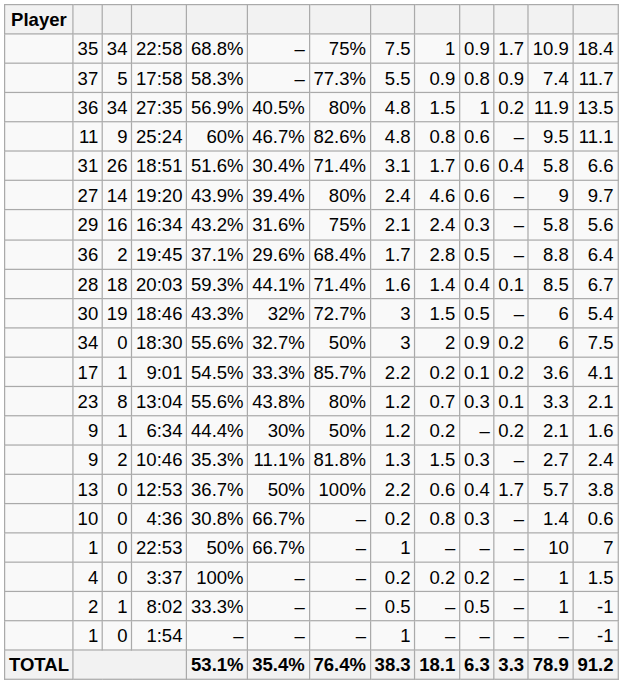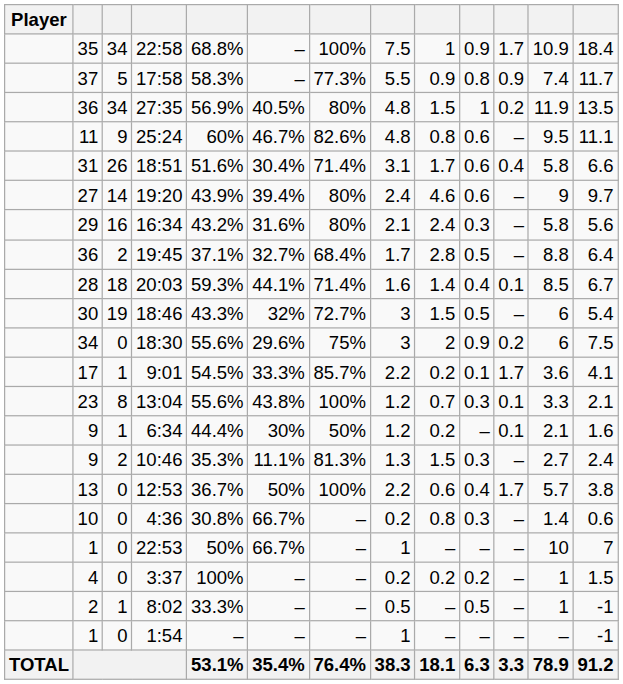 <table class="wikitable sortable" style="font-size:95%; text-align:right;">
 <tr>
 <th>Player</th>
 <th></th>
 <th></th>
 <th></th>
 <th></th>
 <th></th>
 <th></th>
 <th></th>
 <th></th>
 <th></th>
 <th></th>
 <th></th>
 <th></th>
 </tr>
 <tr>
 <td></td>
 <td>35</td>
 <td>34</td>
 <td>22:58</td>
 <td>68.8%</td>
 <td>–</td>
-<td>75%</td>
+<td>100%</td>
 <td>7.5</td>
 <td>1</td>
 <td>0.9</td>
 <td>1.7</td>
 <td>10.9</td>
 <td>18.4</td>
 </tr>
 <tr>
 <td></td>
 <td>37</td>
 <td>5</td>
 <td>17:58</td>
 <td>58.3%</td>
 <td>–</td>
 <td>77.3%</td>
 <td>5.5</td>
 <td>0.9</td>
 <td>0.8</td>
 <td>0.9</td>
 <td>7.4</td>
 <td>11.7</td>
 </tr>
 <tr>
 <td></td>
 <td>36</td>
 <td>34</td>
 <td>27:35</td>
 <td>56.9%</td>
 <td>40.5%</td>
 <td>80%</td>
 <td>4.8</td>
 <td>1.5</td>
 <td>1</td>
 <td>0.2</td>
 <td>11.9</td>
 <td>13.5</td>
 </tr>
 <tr>
 <td></td>
 <td>11</td>
 <td>9</td>
 <td>25:24</td>
 <td>60%</td>
 <td>46.7%</td>
 <td>82.6%</td>
 <td>4.8</td>
 <td>0.8</td>
 <td>0.6</td>
 <td>–</td>
 <td>9.5</td>
 <td>11.1</td>
 </tr>
 <tr>
 <td></td>
 <td>31</td>
 <td>26</td>
 <td>18:51</td>
 <td>51.6%</td>
 <td>30.4%</td>
 <td>71.4%</td>
 <td>3.1</td>
 <td>1.7</td>
 <td>0.6</td>
 <td>0.4</td>
 <td>5.8</td>
 <td>6.6</td>
 </tr>
 <tr>
 <td></td>
 <td>27</td>
 <td>14</td>
 <td>19:20</td>
 <td>43.9%</td>
 <td>39.4%</td>
 <td>80%</td>
 <td>2.4</td>
 <td>4.6</td>
 <td>0.6</td>
 <td>–</td>
 <td>9</td>
 <td>9.7</td>
 </tr>
 <tr>
 <td></td>
 <td>29</td>
 <td>16</td>
 <td>16:34</td>
 <td>43.2%</td>
 <td>31.6%</td>
-<td>75%</td>
+<td>80%</td>
 <td>2.1</td>
 <td>2.4</td>
 <td>0.3</td>
 <td>–</td>
 <td>5.8</td>
 <td>5.6</td>
 </tr>
 <tr>
 <td></td>
 <td>36</td>
 <td>2</td>
 <td>19:45</td>
 <td>37.1%</td>
-<td>29.6%</td>
+<td>32.7%</td>
 <td>68.4%</td>
 <td>1.7</td>
 <td>2.8</td>
 <td>0.5</td>
 <td>–</td>
 <td>8.8</td>
 <td>6.4</td>
 </tr>
 <tr>
 <td></td>
 <td>28</td>
 <td>18</td>
 <td>20:03</td>
 <td>59.3%</td>
 <td>44.1%</td>
 <td>71.4%</td>
 <td>1.6</td>
 <td>1.4</td>
 <td>0.4</td>
 <td>0.1</td>
 <td>8.5</td>
 <td>6.7</td>
 </tr>
 <tr>
 <td></td>
 <td>30</td>
 <td>19</td>
 <td>18:46</td>
 <td>43.3%</td>
 <td>32%</td>
 <td>72.7%</td>
 <td>3</td>
 <td>1.5</td>
 <td>0.5</td>
 <td>–</td>
 <td>6</td>
 <td>5.4</td>
 </tr>
 <tr>
 <td></td>
 <td>34</td>
 <td>0</td>
 <td>18:30</td>
 <td>55.6%</td>
-<td>32.7%</td>
-<td>50%</td>
+<td>29.6%</td>
+<td>75%</td>
 <td>3</td>
 <td>2</td>
 <td>0.9</td>
 <td>0.2</td>
 <td>6</td>
 <td>7.5</td>
 </tr>
 <tr>
 <td></td>
 <td>17</td>
 <td>1</td>
 <td>9:01</td>
 <td>54.5%</td>
 <td>33.3%</td>
 <td>85.7%</td>
 <td>2.2</td>
 <td>0.2</td>
 <td>0.1</td>
-<td>0.2</td>
+<td>1.7</td>
 <td>3.6</td>
 <td>4.1</td>
 </tr>
 <tr>
 <td></td>
 <td>23</td>
 <td>8</td>
 <td>13:04</td>
 <td>55.6%</td>
 <td>43.8%</td>
-<td>80%</td>
+<td>100%</td>
 <td>1.2</td>
 <td>0.7</td>
 <td>0.3</td>
 <td>0.1</td>
 <td>3.3</td>
 <td>2.1</td>
 </tr>
 <tr>
 <td></td>
 <td>9</td>
 <td>1</td>
 <td>6:34</td>
 <td>44.4%</td>
 <td>30%</td>
 <td>50%</td>
 <td>1.2</td>
 <td>0.2</td>
 <td>–</td>
-<td>0.2</td>
+<td>0.1</td>
 <td>2.1</td>
 <td>1.6</td>
 </tr>
 <tr>
 <td></td>
 <td>9</td>
 <td>2</td>
 <td>10:46</td>
 <td>35.3%</td>
 <td>11.1%</td>
-<td>81.8%</td>
+<td>81.3%</td>
 <td>1.3</td>
 <td>1.5</td>
 <td>0.3</td>
 <td>–</td>
 <td>2.7</td>
 <td>2.4</td>
 </tr>
 <tr>
 <td></td>
 <td>13</td>
 <td>0</td>
 <td>12:53</td>
 <td>36.7%</td>
 <td>50%</td>
 <td>100%</td>
 <td>2.2</td>
 <td>0.6</td>
 <td>0.4</td>
 <td>1.7</td>
 <td>5.7</td>
 <td>3.8</td>
 </tr>
 <tr>
 <td></td>
 <td>10</td>
 <td>0</td>
 <td>4:36</td>
 <td>30.8%</td>
 <td>66.7%</td>
 <td>–</td>
 <td>0.2</td>
 <td>0.8</td>
 <td>0.3</td>
 <td>–</td>
 <td>1.4</td>
 <td>0.6</td>
 </tr>
 <tr>
 <td></td>
 <td>1</td>
 <td>0</td>
 <td>22:53</td>
 <td>50%</td>
 <td>66.7%</td>
 <td>–</td>
 <td>1</td>
 <td>–</td>
 <td>–</td>
 <td>–</td>
 <td>10</td>
 <td>7</td>
 </tr>
 <tr>
 <td></td>
 <td>4</td>
 <td>0</td>
 <td>3:37</td>
 <td>100%</td>
 <td>–</td>
 <td>–</td>
 <td>0.2</td>
 <td>0.2</td>
 <td>0.2</td>
 <td>–</td>
 <td>1</td>
 <td>1.5</td>
 </tr>
 <tr>
 <td></td>
 <td>2</td>
 <td>1</td>
 <td>8:02</td>
 <td>33.3%</td>
 <td>–</td>
 <td>–</td>
 <td>0.5</td>
 <td>–</td>
 <td>0.5</td>
 <td>–</td>
 <td>1</td>
 <td>-1</td>
 </tr>
 <tr>
 <td></td>
 <td>1</td>
 <td>0</td>
 <td>1:54</td>
 <td>–</td>
 <td>–</td>
 <td>–</td>
 <td>1</td>
 <td>–</td>
 <td>–</td>
 <td>–</td>
 <td>–</td>
 <td>-1</td>
 </tr>
 <tr>
 <th align=center><strong>TOTAL</strong></th>
 <th colspan=3></th>
 <th>53.1%</th>
 <th>35.4%</th>
 <th>76.4%</th>
 <th>38.3</th>
 <th>18.1</th>
 <th>6.3</th>
 <th>3.3</th>
 <th>78.9</th>
 <th>91.2</th>
 </tr>
 </table>
